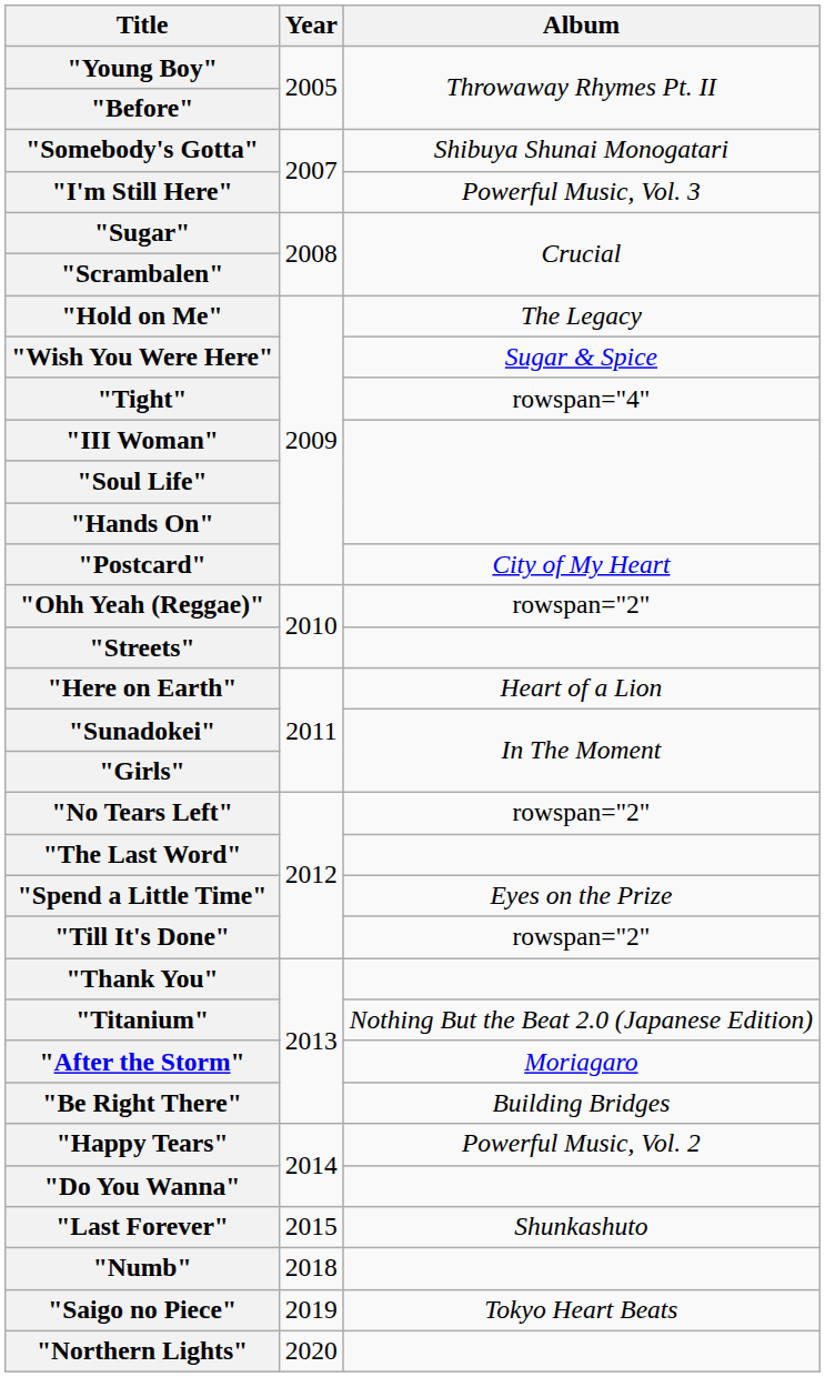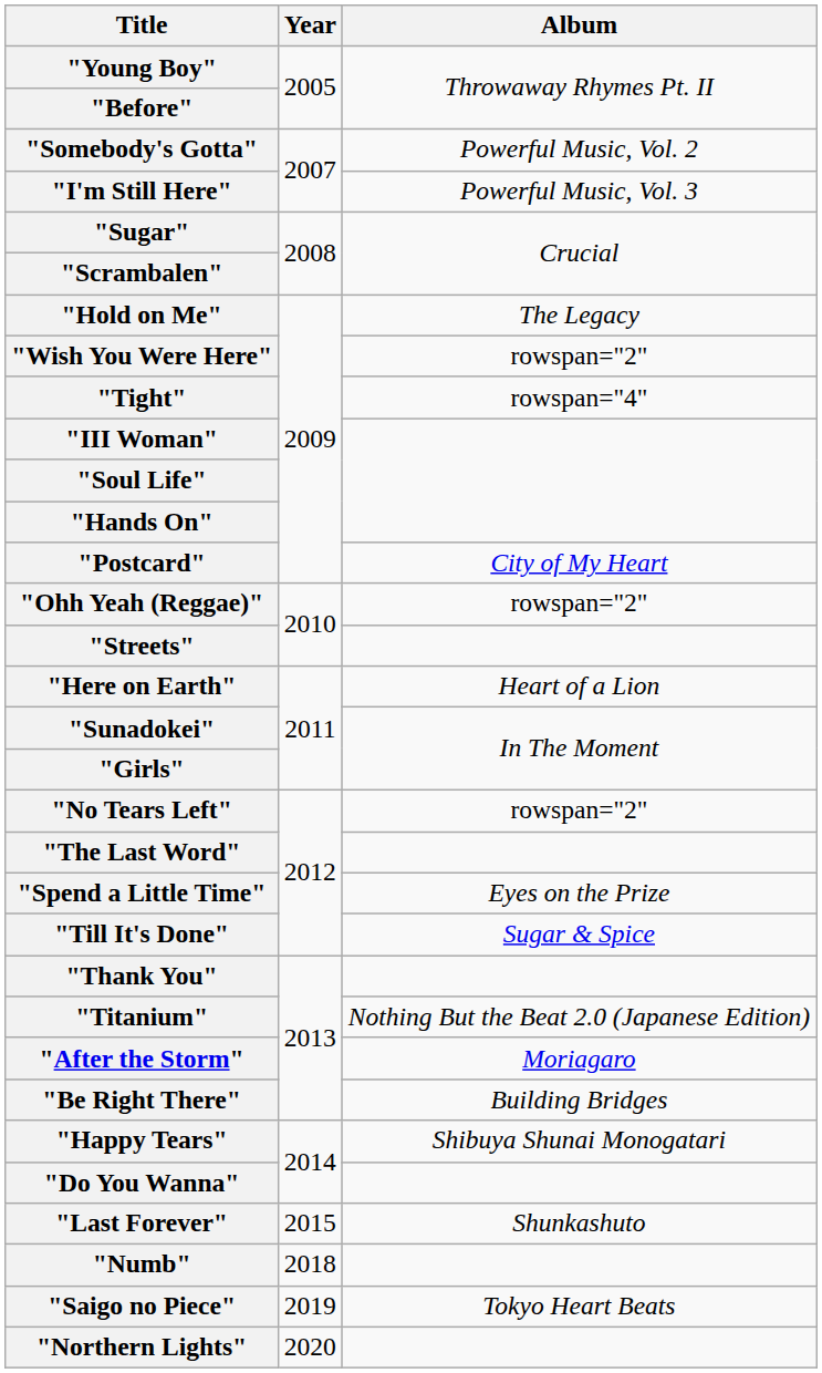 <table class="wikitable plainrowheaders" style="text-align:center;">
 <tr>
 <th scope="col">Title</th>
 <th scope="col">Year</th>
 <th scope="col">Album</th>
 </tr>
 <tr>
 <th scope="row">"Young Boy"</th>
 <td rowspan="2">2005</td>
 <td rowspan="2"><em>Throwaway Rhymes Pt. II</em></td>
 </tr>
 <tr>
 <th scope="row">"Before"</th>
 </tr>
 <tr>
 <th scope="row">"Somebody's Gotta"</th>
 <td rowspan="2">2007</td>
-<td><em>Shibuya Shunai Monogatari</em></td>
+<td><em>Powerful Music, Vol. 2</em></td>
 </tr>
 <tr>
 <th scope="row">"I'm Still Here"</th>
 <td><em>Powerful Music, Vol. 3</em></td>
 </tr>
 <tr>
 <th scope="row">"Sugar"</th>
 <td rowspan="2">2008</td>
 <td rowspan="2"><em>Crucial</em></td>
 </tr>
 <tr>
 <th scope="row">"Scrambalen"</th>
 </tr>
 <tr>
 <th scope="row">"Hold on Me"</th>
 <td rowspan="7">2009</td>
 <td><em>The Legacy</em></td>
 </tr>
 <tr>
 <th scope="row">"Wish You Were Here"</th>
-<td><em><a href='#'>Sugar & Spice</a></em></td>
+<td>rowspan="2" </td>
 </tr>
 <tr>
 <th scope="row">"Tight"</th>
 <td>rowspan="4" </td>
 </tr>
 <tr>
 <th scope="row">"III Woman"</th>
 </tr>
 <tr>
 <th scope="row">"Soul Life"</th>
 </tr>
 <tr>
 <th scope="row">"Hands On"</th>
 </tr>
 <tr>
 <th scope="row">"Postcard"</th>
 <td><em><a href='#'>City of My Heart</a></em></td>
 </tr>
 <tr>
 <th scope="row">"Ohh Yeah (Reggae)"</th>
 <td rowspan="2">2010</td>
 <td>rowspan="2" </td>
 </tr>
 <tr>
 <th scope="row">"Streets"</th>
 </tr>
 <tr>
 <th scope="row">"Here on Earth"</th>
 <td rowspan="3">2011</td>
 <td><em>Heart of a Lion</em></td>
 </tr>
 <tr>
 <th scope="row">"Sunadokei"</th>
 <td rowspan="2"><em>In The Moment</em></td>
 </tr>
 <tr>
 <th scope="row">"Girls"</th>
 </tr>
 <tr>
 <th scope="row">"No Tears Left"</th>
 <td rowspan="4">2012</td>
 <td>rowspan="2" </td>
 </tr>
 <tr>
 <th scope="row">"The Last Word"</th>
 </tr>
 <tr>
 <th scope="row">"Spend a Little Time"</th>
 <td><em>Eyes on the Prize</em></td>
 </tr>
 <tr>
 <th scope="row">"Till It's Done"</th>
-<td>rowspan="2" </td>
+<td><em><a href='#'>Sugar & Spice</a></em></td>
 </tr>
 <tr>
 <th scope="row">"Thank You"</th>
 <td rowspan="4">2013</td>
 </tr>
 <tr>
 <th scope="row">"Titanium"</th>
 <td><em>Nothing But the Beat 2.0 (Japanese Edition)</em></td>
 </tr>
 <tr>
 <th scope="row">"<a href='#'>After the Storm</a>"</th>
 <td><em><a href='#'>Moriagaro</a></em></td>
 </tr>
 <tr>
 <th scope="row">"Be Right There"</th>
 <td><em>Building Bridges</em></td>
 </tr>
 <tr>
 <th scope="row">"Happy Tears"</th>
 <td rowspan="2">2014</td>
-<td><em>Powerful Music, Vol. 2</em></td>
+<td><em>Shibuya Shunai Monogatari</em></td>
 </tr>
 <tr>
 <th scope="row">"Do You Wanna"</th>
 <td></td>
 </tr>
 <tr>
 <th scope="row">"Last Forever"</th>
 <td>2015</td>
 <td><em>Shunkashuto</em></td>
 </tr>
 <tr>
 <th scope="row">"Numb"</th>
 <td>2018</td>
 <td></td>
 </tr>
 <tr>
 <th scope="row">"Saigo no Piece"</th>
 <td>2019</td>
 <td><em>Tokyo Heart Beats</em></td>
 </tr>
 <tr>
 <th scope="row">"Northern Lights"</th>
 <td>2020</td>
 <td></td>
 </tr>
 </table>
